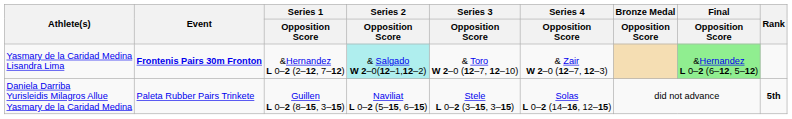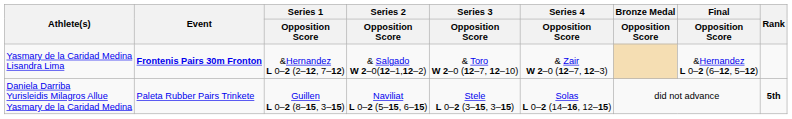 <table class="wikitable" style="font-size:90%">
 <tr>
 <th rowspan="2">Athlete(s)</th>
 <th rowspan="2">Event</th>
 <th>Series 1</th>
 <th>Series 2</th>
 <th>Series 3</th>
 <th>Series 4</th>
 <th>Bronze Medal</th>
 <th>Final</th>
 <th rowspan="2">Rank</th>
 </tr>
 <tr>
 <th>Opposition <br> Score</th>
 <th>Opposition <br> Score</th>
 <th>Opposition <br> Score</th>
 <th>Opposition <br> Score</th>
 <th>Opposition <br> Score</th>
 <th>Opposition <br> Score</th>
 </tr>
 <tr>
 <td><a href='#'>Yasmary de la Caridad Medina</a><br><a href='#'>Lisandra Lima</a></td>
 <td><strong><a href='#'>Frontenis Pairs 30m Fronton</a></strong></td>
 <td align=center><br> &<a href='#'>Hernandez</a> <br> <strong>L</strong> 0–<strong>2</strong> (2–<strong>12</strong>, 7–<strong>12</strong>)</td>
-<td align=center style="background: paleturquoise;"><br> & <a href='#'>Salgado</a> <br> <strong>W</strong>  <strong>2</strong>–0(<strong>12</strong>–1,<strong>12</strong>–2)</td>
+<td align=center><br> & <a href='#'>Salgado</a> <br> <strong>W</strong>  <strong>2</strong>–0(<strong>12</strong>–1,<strong>12</strong>–2)</td>
 <td align=center> <br> & <a href='#'>Toro</a> <br> <strong>W</strong> <strong>2</strong>–0 (<strong>12</strong>–7, <strong>12</strong>–10)</td>
 <td align=center> <br> & <a href='#'>Zair</a> <br>  <strong>W</strong> <strong>2</strong>–0 (<strong>12</strong>–7, <strong>12</strong>–3)</td>
 <td align=center bgcolor=wheat></td>
-<td align=center style="background: lightgreen;"><br> &<a href='#'>Hernandez</a> <br> <strong>L</strong> 0–<strong>2</strong> (6–<strong>12</strong>, 5–<strong>12</strong>)</td>
+<td align=center><br> &<a href='#'>Hernandez</a> <br> <strong>L</strong> 0–<strong>2</strong> (6–<strong>12</strong>, 5–<strong>12</strong>)</td>
 <td align=center></td>
 </tr>
 <tr>
 <td><a href='#'>Daniela Darriba</a><br><a href='#'>Yurisleidis Milagros Allue</a><br><a href='#'>Yasmary de la Caridad Medina</a></td>
 <td><a href='#'>Paleta Rubber Pairs Trinkete</a></td>
 <td align=center> <br> <a href='#'>Guillen</a> <br>  <strong>L</strong> 0–<strong>2</strong> (8–<strong>15</strong>, 3–<strong>15</strong>)</td>
 <td align=center> <br> <a href='#'>Naviliat</a> <br>  <strong>L</strong> 0–<strong>2</strong> (5–<strong>15</strong>, 6–<strong>15</strong>)</td>
 <td align=center> <br> <a href='#'>Stele</a> <br>  <strong>L</strong> 0–<strong>2</strong> (3–<strong>15</strong>, 3–<strong>15</strong>)</td>
 <td align=center> <br> <a href='#'>Solas</a> <br>  <strong>L</strong> 0–<strong>2</strong> (14–<strong>16</strong>, 12–<strong>15</strong>)</td>
 <td align=center colspan=2>did not advance</td>
 <td align=center><strong>5th</strong></td>
 </tr>
 </table>
